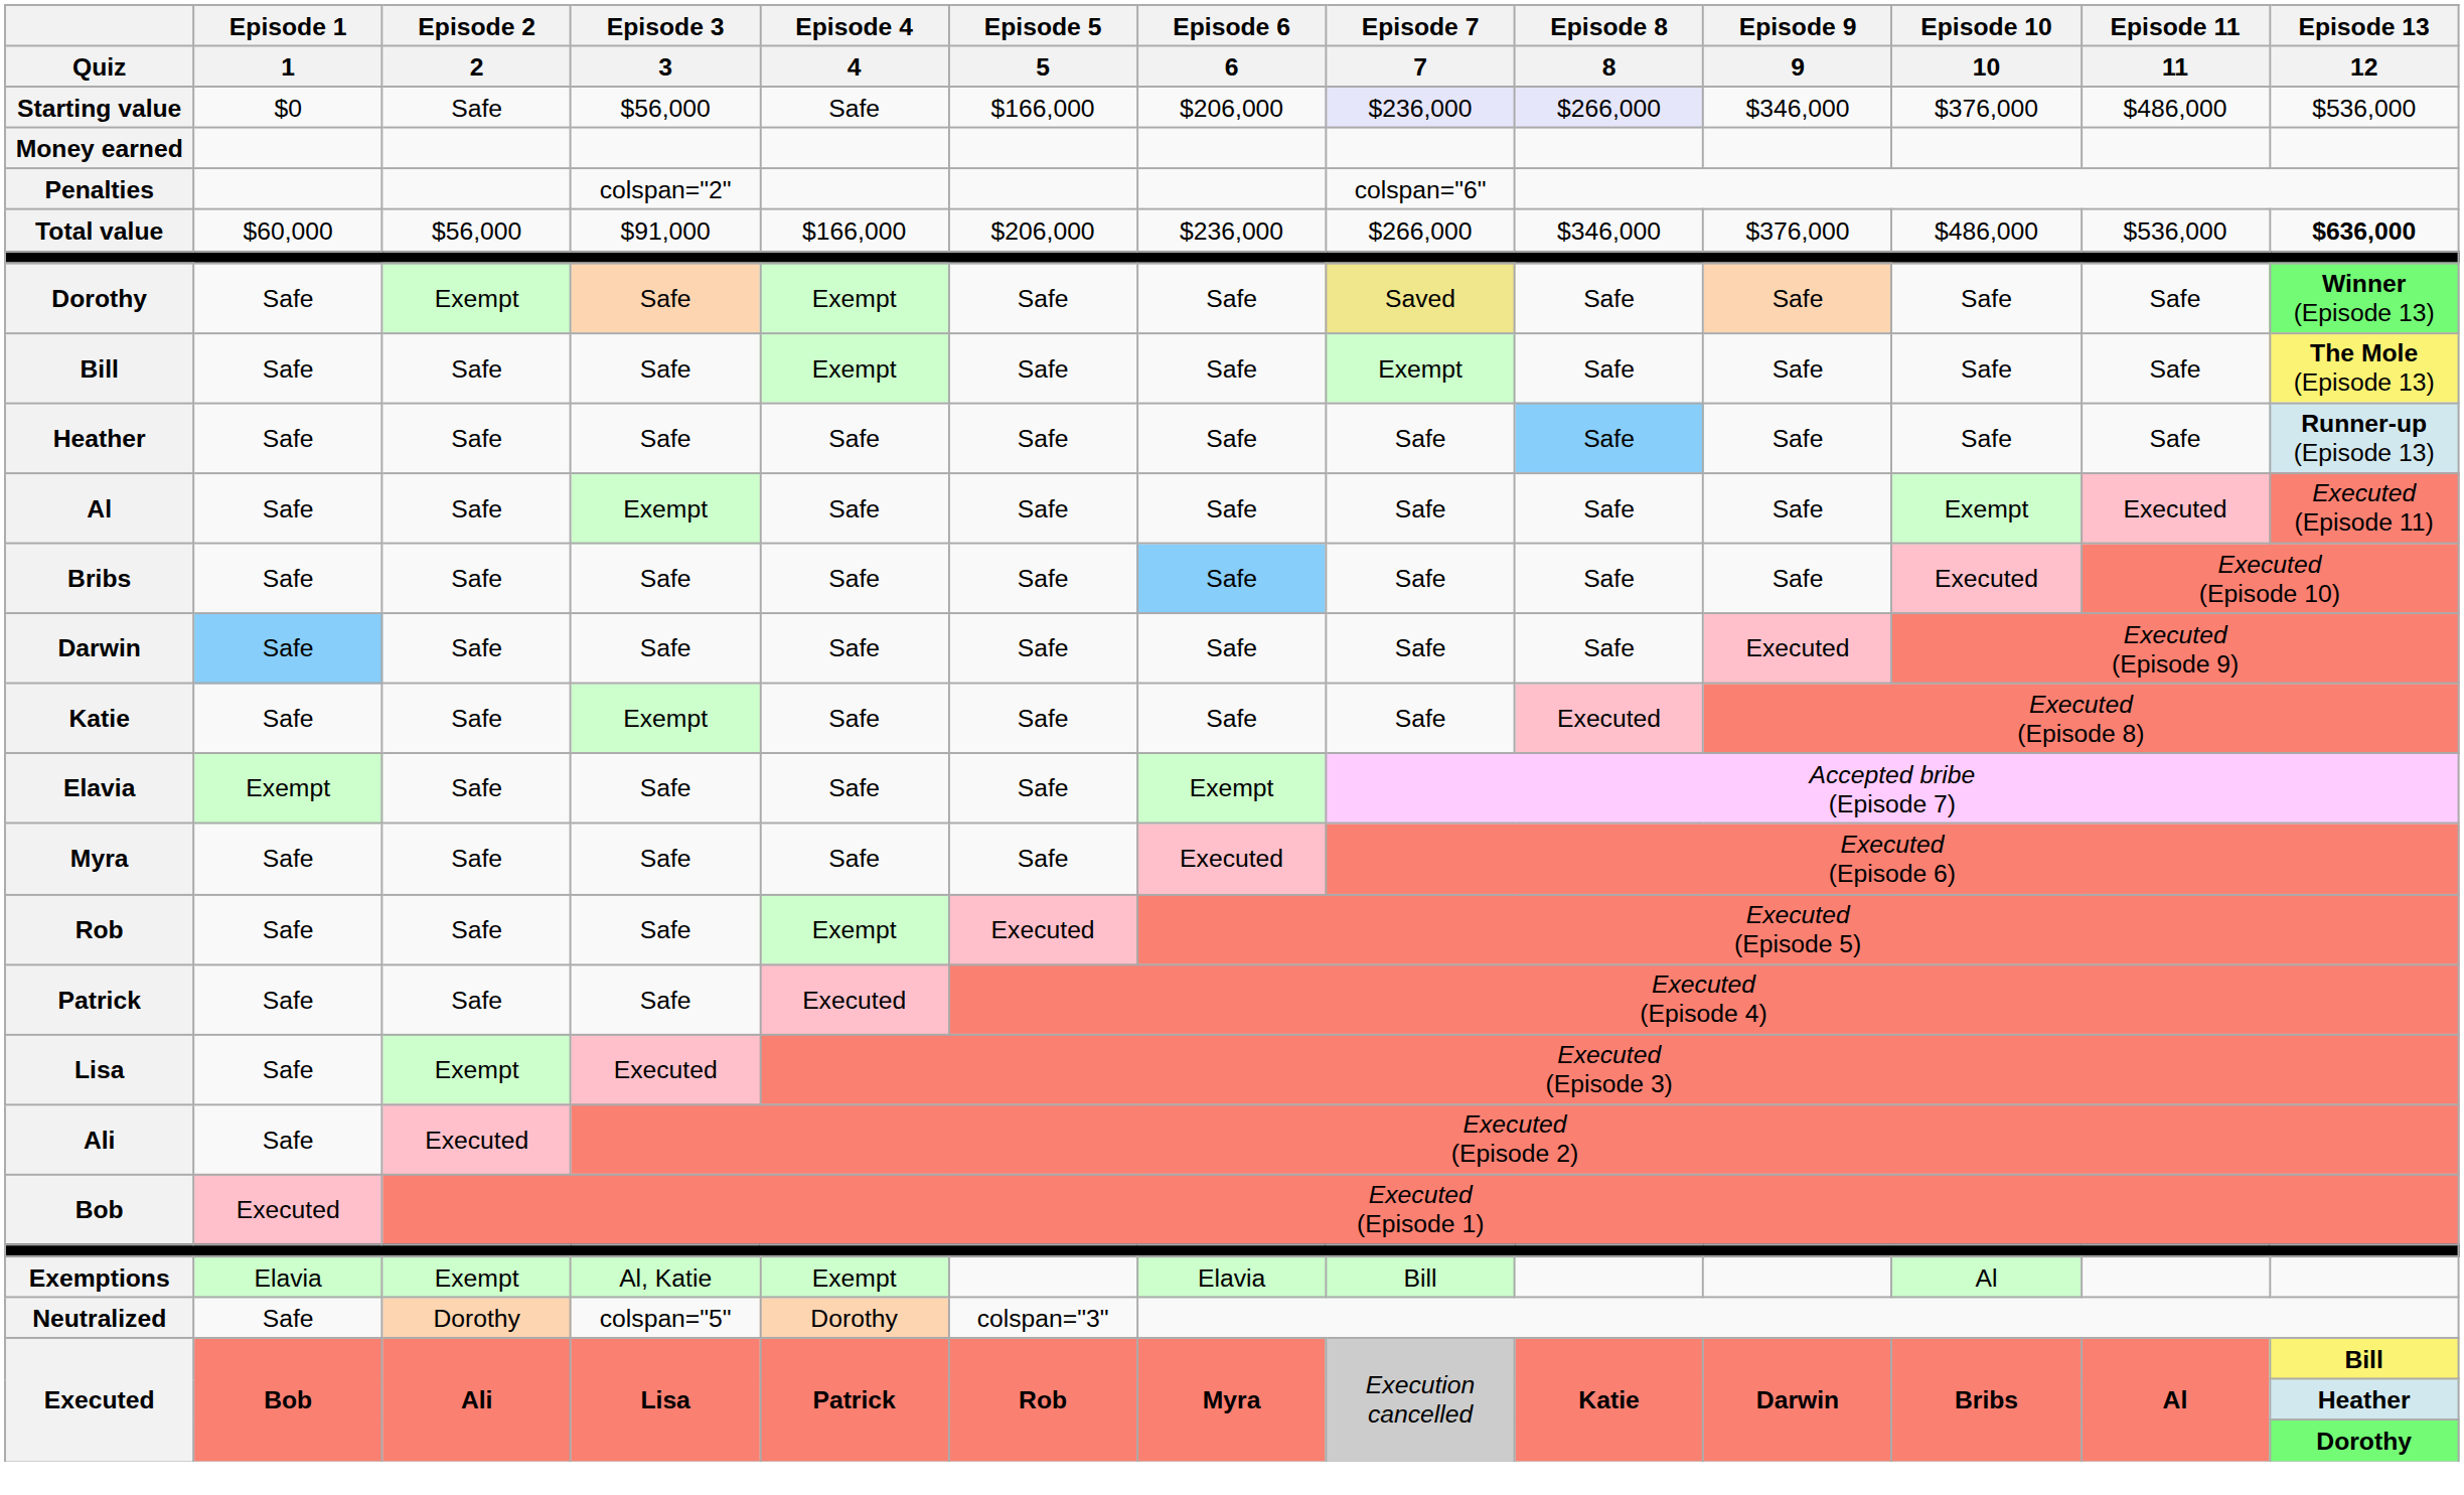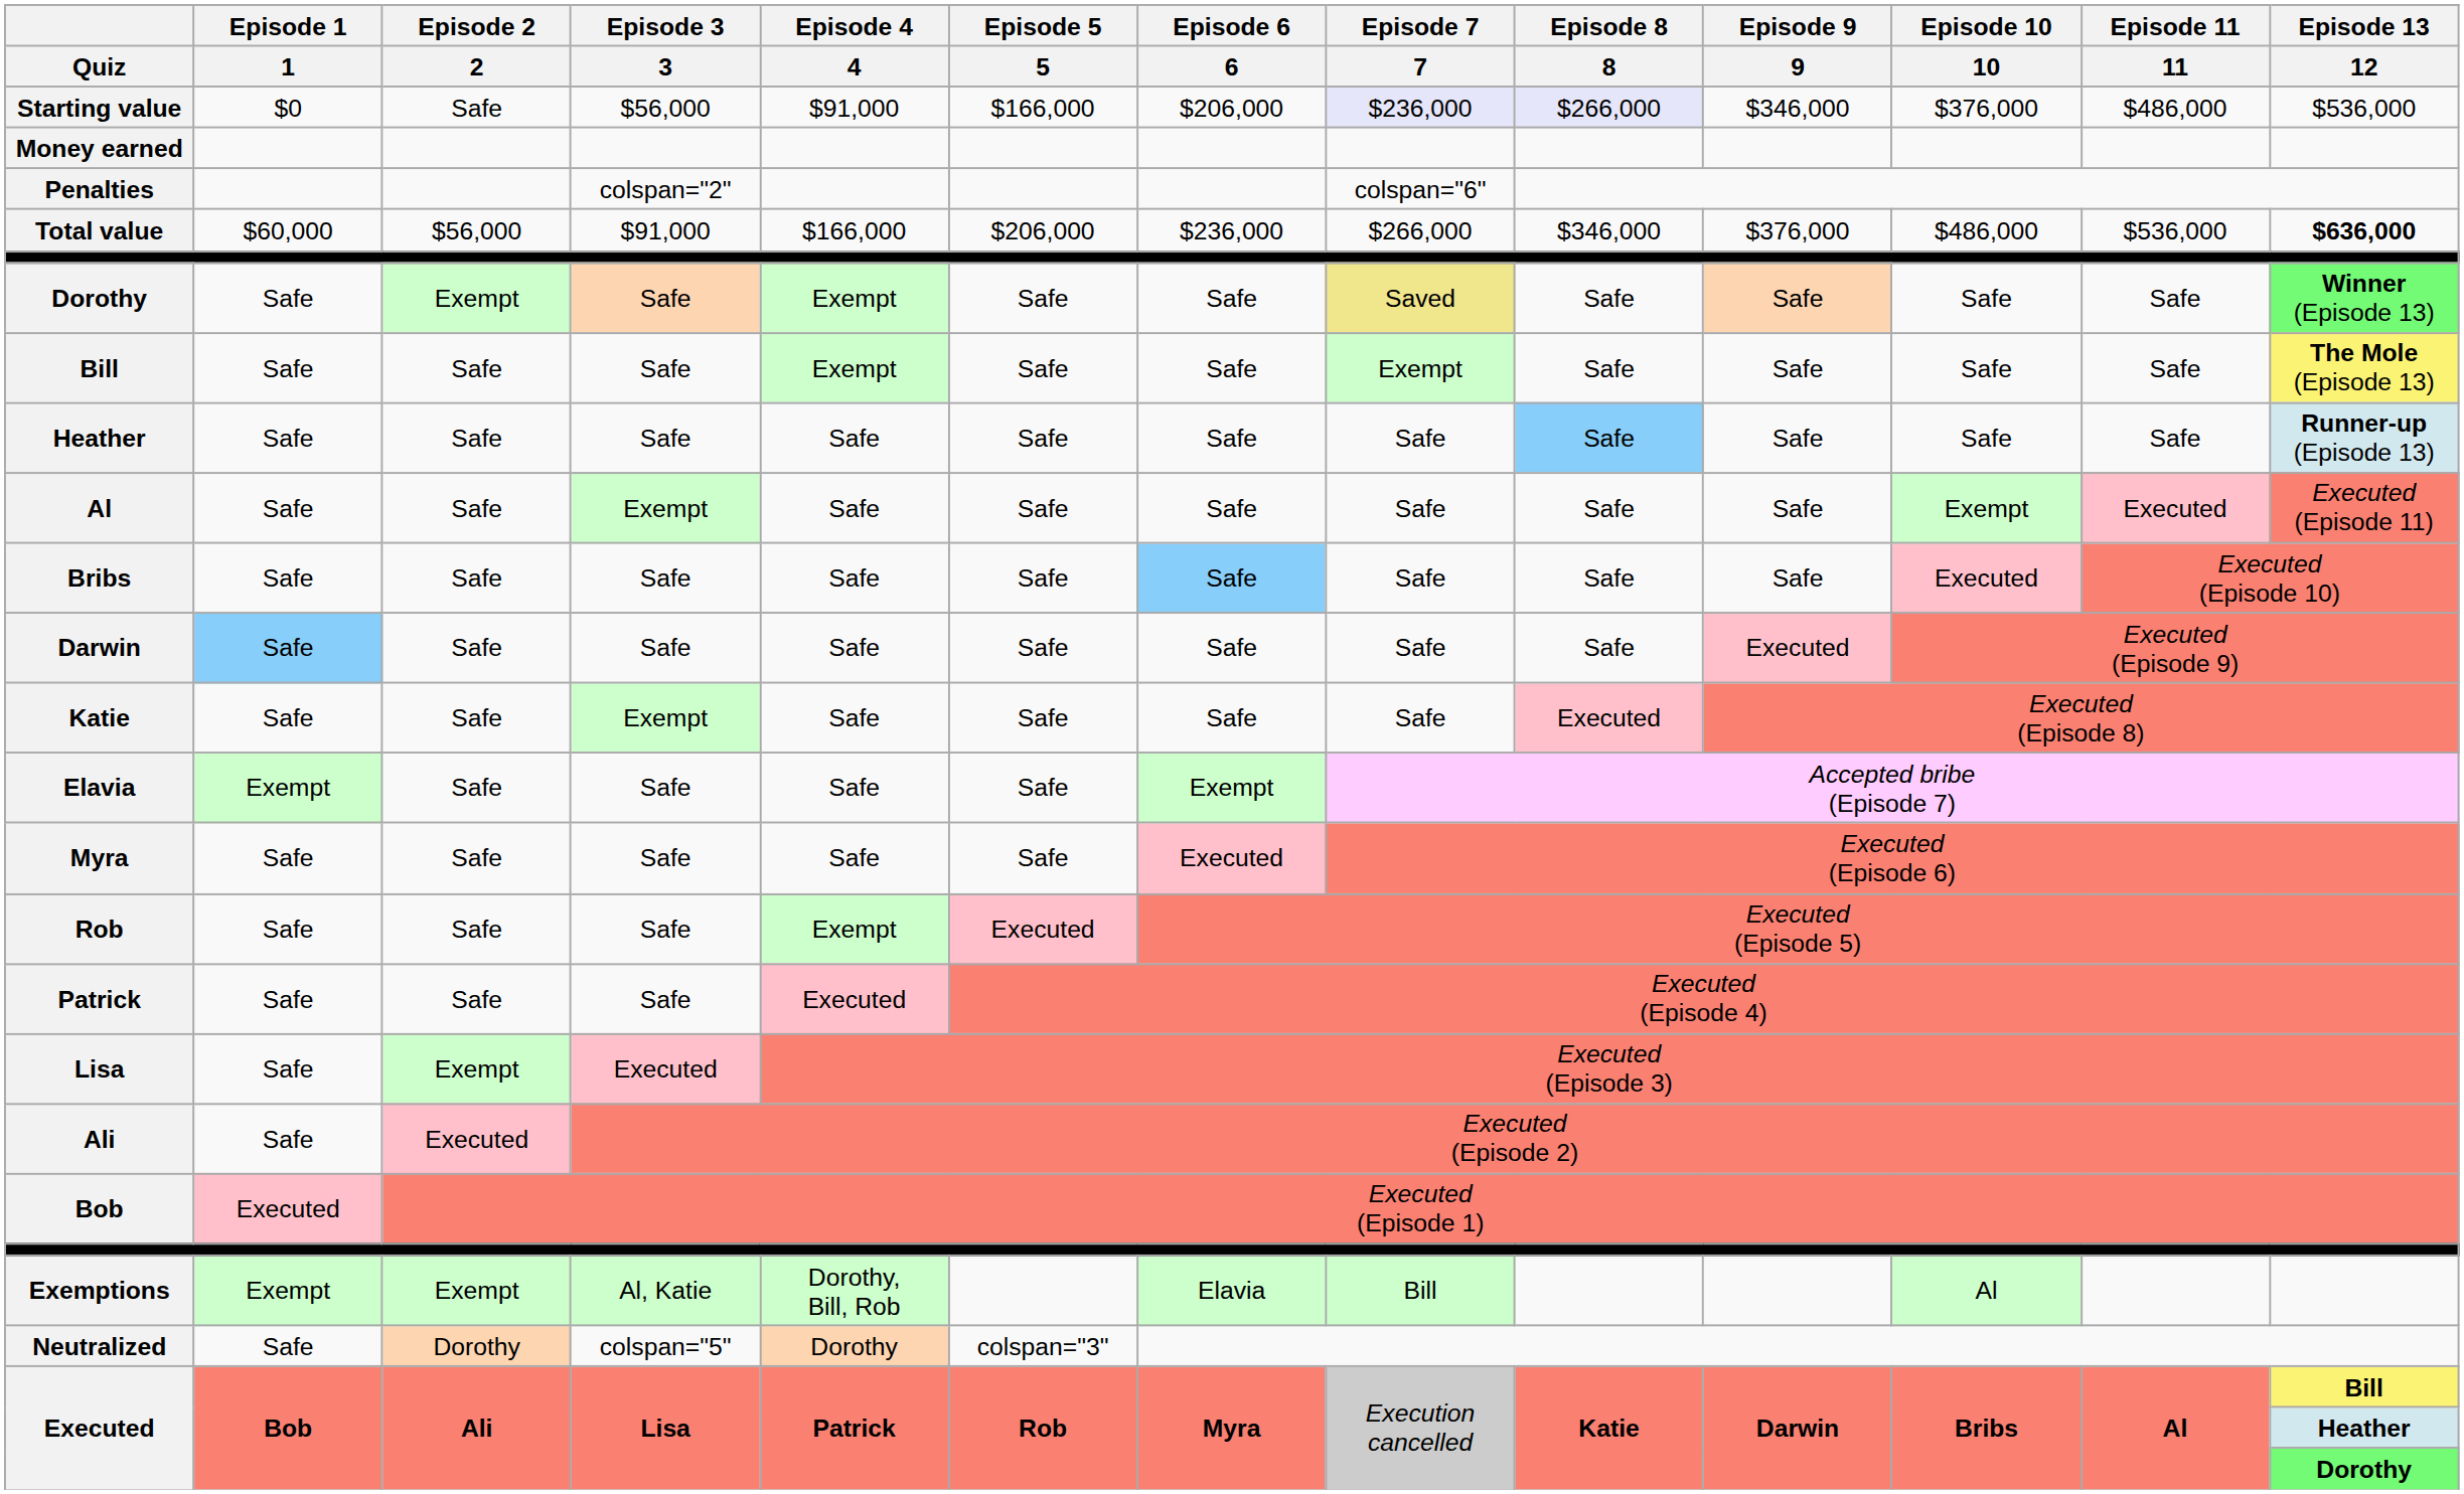 <table class="wikitable"  style="text-align:center; width:100%; font-size:80%; line-height:15px;">
 <tr>
 <th style="width:7%;"></th>
 <th style="width:7%;">Episode 1</th>
 <th style="width:7%;">Episode 2</th>
 <th style="width:7%;">Episode 3</th>
 <th style="width:7%;">Episode 4</th>
 <th style="width:7%;">Episode 5</th>
 <th style="width:7%;">Episode 6</th>
 <th style="width:7%;">Episode 7</th>
 <th style="width:7%;">Episode 8</th>
 <th style="width:7%;">Episode 9</th>
 <th style="width:7%;">Episode 10</th>
 <th style="width:7%;">Episode 11</th>
 <th style="width:7%;">Episode 13 <br> </th>
 </tr>
 <tr>
 <th>Quiz</th>
 <th>1</th>
 <th>2</th>
 <th>3</th>
 <th>4</th>
 <th>5</th>
 <th>6</th>
 <th>7</th>
 <th>8</th>
 <th>9</th>
 <th>10</th>
 <th>11</th>
 <th>12</th>
 </tr>
 <tr>
 <th>Starting value</th>
 <td>$0</td>
 <td>Safe</td>
 <td>$56,000</td>
-<td>Safe</td>
+<td>$91,000</td>
 <td>$166,000</td>
 <td>$206,000</td>
 <td style="background: lavender;">$236,000</td>
 <td style="background: lavender;">$266,000</td>
 <td>$346,000</td>
 <td>$376,000</td>
 <td>$486,000</td>
 <td>$536,000</td>
 </tr>
 <tr>
 <th>Money earned</th>
 <td></td>
 <td></td>
 <td></td>
 <td></td>
 <td></td>
 <td></td>
 <td></td>
 <td></td>
 <td></td>
 <td></td>
 <td></td>
 <td></td>
 </tr>
 <tr>
 <th>Penalties</th>
 <td></td>
 <td></td>
 <td>colspan="2" </td>
 <td></td>
 <td></td>
 <td></td>
 <td>colspan="6" </td>
 </tr>
 <tr>
 <th>Total value</th>
 <td>$60,000</td>
 <td>$56,000</td>
 <td>$91,000</td>
 <td>$166,000</td>
 <td>$206,000</td>
 <td>$236,000</td>
 <td>$266,000</td>
 <td>$346,000</td>
 <td>$376,000</td>
 <td>$486,000</td>
 <td>$536,000</td>
 <td><strong>$636,000</strong></td>
 </tr>
 <tr>
 <td colspan="13" bgcolor="black"></td>
 </tr>
 <tr>
 <th scope="row">Dorothy</th>
 <td>Safe</td>
 <td style="background:#ccffcc;">Exempt</td>
 <td style="background:#fdd5b1;">Safe</td>
 <td style="background:#ccffcc;">Exempt</td>
 <td>Safe</td>
 <td>Safe</td>
 <td style="background:khaki;">Saved</td>
 <td>Safe</td>
 <td style="background:#fdd5b1;">Safe</td>
 <td>Safe</td>
 <td>Safe</td>
 <td style="background:#73fb76;"><strong>Winner</strong> <br> (Episode 13)</td>
 </tr>
 <tr>
 <th scope="row">Bill</th>
 <td>Safe</td>
 <td>Safe</td>
 <td>Safe</td>
 <td style="background:#ccffcc;">Exempt</td>
 <td>Safe</td>
 <td>Safe</td>
 <td style="background:#ccffcc;">Exempt</td>
 <td>Safe</td>
 <td>Safe</td>
 <td>Safe</td>
 <td>Safe</td>
 <td style="background:#fbf373;"><strong>The Mole</strong> <br> (Episode 13)</td>
 </tr>
 <tr>
 <th scope="row">Heather</th>
 <td>Safe</td>
 <td>Safe</td>
 <td>Safe</td>
 <td>Safe</td>
 <td>Safe</td>
 <td>Safe</td>
 <td>Safe</td>
 <td style="background:#87CEFA;">Safe</td>
 <td>Safe</td>
 <td>Safe</td>
 <td>Safe</td>
 <td style="background:#d1e8ef;"><strong>Runner-up</strong> <br> (Episode 13)</td>
 </tr>
 <tr>
 <th scope="row">Al</th>
 <td>Safe</td>
 <td>Safe</td>
 <td style="background:#ccffcc;">Exempt</td>
 <td>Safe</td>
 <td>Safe</td>
 <td>Safe</td>
 <td>Safe</td>
 <td>Safe</td>
 <td>Safe</td>
 <td style="background:#ccffcc;">Exempt</td>
 <td style="background:pink;">Executed</td>
 <td colspan="2" bgcolor="salmon"><em>Executed</em> <br> (Episode 11)</td>
 </tr>
 <tr>
 <th scope="row">Bribs</th>
 <td>Safe</td>
 <td>Safe</td>
 <td>Safe</td>
 <td>Safe</td>
 <td>Safe</td>
 <td style="background:#87CEFA;">Safe</td>
 <td>Safe</td>
 <td>Safe</td>
 <td>Safe</td>
 <td style="background:pink;">Executed</td>
 <td colspan="3" bgcolor="salmon"><em>Executed</em> <br> (Episode 10)</td>
 </tr>
 <tr>
 <th scope="row">Darwin</th>
 <td style="background:#87CEFA;">Safe</td>
 <td>Safe</td>
 <td>Safe</td>
 <td>Safe</td>
 <td>Safe</td>
 <td>Safe</td>
 <td>Safe</td>
 <td>Safe</td>
 <td style="background:pink;">Executed</td>
 <td colspan="4" bgcolor="salmon"><em>Executed</em> <br> (Episode 9)</td>
 </tr>
 <tr>
 <th scope="row">Katie</th>
 <td>Safe</td>
 <td>Safe</td>
 <td style="background:#ccffcc;">Exempt</td>
 <td>Safe</td>
 <td>Safe</td>
 <td>Safe</td>
 <td>Safe</td>
 <td style="background:pink;">Executed</td>
 <td colspan="5" bgcolor="salmon"><em>Executed</em> <br> (Episode 8)</td>
 </tr>
 <tr>
 <th scope="row">Elavia</th>
 <td style="background:#ccffcc;">Exempt</td>
 <td>Safe</td>
 <td>Safe</td>
 <td>Safe</td>
 <td>Safe</td>
 <td style="background:#ccffcc;">Exempt</td>
 <td colspan="7" bgcolor="#fcf"><em>Accepted bribe</em> <br> (Episode 7)</td>
 </tr>
 <tr>
 <th scope="row">Myra</th>
 <td>Safe</td>
 <td>Safe</td>
 <td>Safe</td>
 <td>Safe</td>
 <td>Safe</td>
 <td style="background:pink;">Executed</td>
 <td colspan="7" bgcolor="salmon"><em>Executed</em> <br> (Episode 6)</td>
 </tr>
 <tr>
 <th scope="row">Rob</th>
 <td>Safe</td>
 <td>Safe</td>
 <td>Safe</td>
 <td style="background:#ccffcc;">Exempt</td>
 <td style="background:pink;">Executed</td>
 <td colspan="8" bgcolor="salmon"><em>Executed</em> <br> (Episode 5)</td>
 </tr>
 <tr>
 <th scope="row">Patrick</th>
 <td>Safe</td>
 <td>Safe</td>
 <td>Safe</td>
 <td style="background:pink;">Executed</td>
 <td colspan="9" bgcolor="salmon"><em>Executed</em> <br> (Episode 4)</td>
 </tr>
 <tr>
 <th scope="row">Lisa</th>
 <td>Safe</td>
 <td style="background:#ccffcc;">Exempt</td>
 <td style="background:pink;">Executed</td>
 <td colspan="10" bgcolor="salmon"><em>Executed</em> <br> (Episode 3)</td>
 </tr>
 <tr>
 <th scope="row">Ali</th>
 <td>Safe</td>
 <td style="background:pink;">Executed</td>
 <td colspan="11" bgcolor="salmon"><em>Executed</em> <br> (Episode 2)</td>
 </tr>
 <tr>
 <th scope="row">Bob</th>
 <td style="background:pink;">Executed</td>
 <td colspan="12" bgcolor="salmon"><em>Executed</em> <br> (Episode 1)</td>
 </tr>
 <tr>
 <td colspan="13" bgcolor="black"></td>
 </tr>
 <tr>
 <th>Exemptions</th>
-<td style="background:#ccffcc;">Elavia</td>
+<td style="background:#ccffcc;">Exempt</td>
 <td style="background:#ccffcc;">Exempt</td>
 <td style="background:#ccffcc;">Al, Katie</td>
-<td style="background:#ccffcc;">Exempt</td>
+<td style="background:#ccffcc;">Dorothy,<br>Bill, Rob</td>
 <td></td>
 <td style="background:#ccffcc;">Elavia</td>
 <td style="background:#ccffcc;">Bill</td>
 <td></td>
 <td></td>
 <td style="background:#ccffcc;">Al</td>
 <td></td>
 <td></td>
 </tr>
 <tr>
 <th>Neutralized</th>
 <td>Safe</td>
 <td style="background:#fdd5b1">Dorothy</td>
 <td>colspan="5" </td>
 <td style="background:#fdd5b1">Dorothy</td>
 <td>colspan="3" </td>
 </tr>
 <tr>
 <th rowspan="3">Executed</th>
 <td rowspan="3" style="background:salmon"><strong>Bob</strong><br> </td>
 <td rowspan="3" style="background:salmon"><strong>Ali</strong><br> </td>
 <td rowspan="3" style="background:salmon"><strong>Lisa</strong><br> </td>
 <td rowspan="3" style="background:salmon"><strong>Patrick</strong><br> </td>
 <td rowspan="3" style="background:salmon"><strong>Rob</strong><br> </td>
 <td rowspan="3" style="background:salmon"><strong>Myra</strong><br> </td>
 <td rowspan="3" style="background:#ccc"><em>Execution<br>cancelled</em></td>
 <td rowspan="3" style="background:salmon"><strong>Katie</strong><br> </td>
 <td rowspan="3" style="background:salmon"><strong>Darwin</strong><br> </td>
 <td rowspan="3" style="background:salmon"><strong>Bribs</strong><br> </td>
 <td rowspan="3" style="background:salmon"><strong>Al</strong><br> </td>
 <td style="background:#fbf373"><strong>Bill</strong> <br> </td>
 </tr>
 <tr>
 <td style="background:#d1e8ef"><strong>Heather</strong> <br> </td>
 </tr>
 <tr>
 <td style="background:#73fb76"><strong>Dorothy</strong> <br> </td>
 </tr>
 </table>
